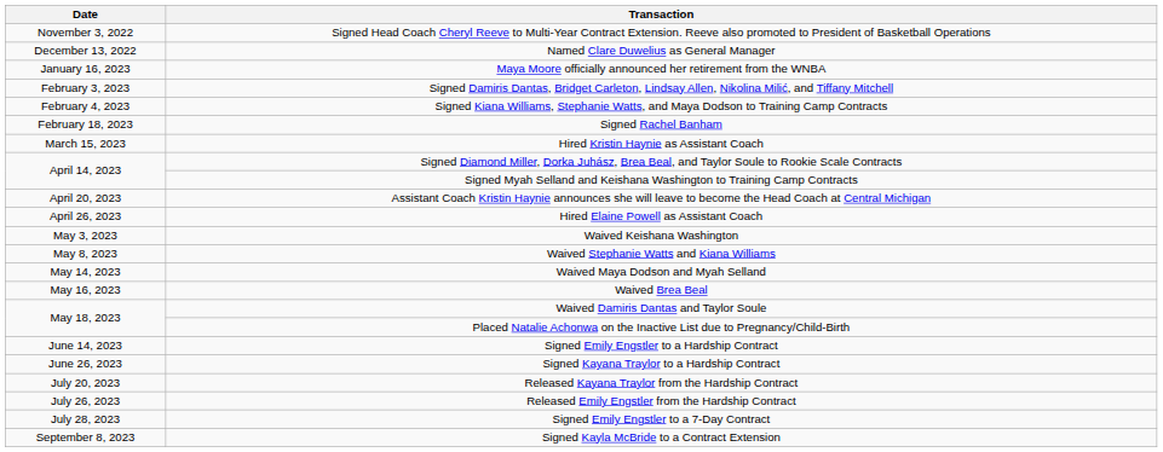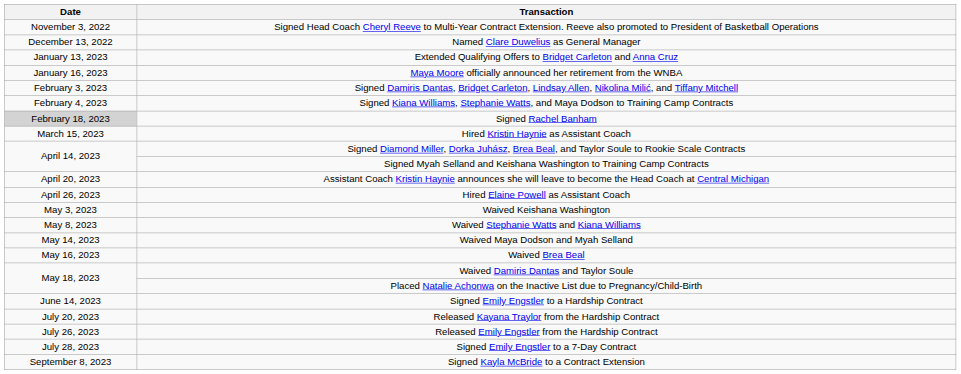 <table class="wikitable" style="width:80%; text-align: center;">
 <tr>
 <th>Date</th>
 <th>Transaction</th>
 </tr>
 <tr>
 <td>November 3, 2022</td>
 <td>Signed Head Coach <a href='#'>Cheryl Reeve</a> to Multi-Year Contract Extension. Reeve also promoted to President of Basketball Operations</td>
 </tr>
 <tr>
 <td>December 13, 2022</td>
 <td>Named <a href='#'>Clare Duwelius</a> as General Manager</td>
 </tr>
 <tr>
+<td>January 13, 2023</td>
+<td>Extended Qualifying Offers to <a href='#'>Bridget Carleton</a> and <a href='#'>Anna Cruz</a></td>
+</tr>
+<tr>
 <td>January 16, 2023</td>
 <td><a href='#'>Maya Moore</a> officially announced her retirement from the WNBA</td>
 </tr>
 <tr>
 <td>February 3, 2023</td>
 <td>Signed <a href='#'>Damiris Dantas</a>, <a href='#'>Bridget Carleton</a>, <a href='#'>Lindsay Allen</a>, <a href='#'>Nikolina Milić</a>, and <a href='#'>Tiffany Mitchell</a></td>
 </tr>
 <tr>
 <td>February 4, 2023</td>
 <td>Signed <a href='#'>Kiana Williams</a>, <a href='#'>Stephanie Watts</a>, and Maya Dodson to Training Camp Contracts</td>
 </tr>
 <tr>
-<td>February 18, 2023</td>
+<td style="background: lightgrey;">February 18, 2023</td>
 <td>Signed <a href='#'>Rachel Banham</a></td>
 </tr>
 <tr>
 <td>March 15, 2023</td>
 <td>Hired <a href='#'>Kristin Haynie</a> as Assistant Coach</td>
 </tr>
 <tr>
 <td rowspan=2>April 14, 2023</td>
 <td>Signed <a href='#'>Diamond Miller</a>, <a href='#'>Dorka Juhász</a>, <a href='#'>Brea Beal</a>, and Taylor Soule to Rookie Scale Contracts</td>
 </tr>
 <tr>
 <td>Signed Myah Selland and Keishana Washington to Training Camp Contracts</td>
 </tr>
 <tr>
 <td>April 20, 2023</td>
 <td>Assistant Coach <a href='#'>Kristin Haynie</a> announces she will leave to become the Head Coach at <a href='#'>Central Michigan</a></td>
 </tr>
 <tr>
 <td>April 26, 2023</td>
 <td>Hired <a href='#'>Elaine Powell</a> as Assistant Coach</td>
 </tr>
 <tr>
 <td>May 3, 2023</td>
 <td>Waived Keishana Washington</td>
 </tr>
 <tr>
 <td>May 8, 2023</td>
 <td>Waived <a href='#'>Stephanie Watts</a> and <a href='#'>Kiana Williams</a></td>
 </tr>
 <tr>
 <td>May 14, 2023</td>
 <td>Waived Maya Dodson and Myah Selland</td>
 </tr>
 <tr>
 <td>May 16, 2023</td>
 <td>Waived <a href='#'>Brea Beal</a></td>
 </tr>
 <tr>
 <td rowspan=2>May 18, 2023</td>
 <td>Waived <a href='#'>Damiris Dantas</a> and Taylor Soule</td>
 </tr>
 <tr>
 <td>Placed <a href='#'>Natalie Achonwa</a> on the Inactive List due to Pregnancy/Child-Birth</td>
 </tr>
 <tr>
 <td>June 14, 2023</td>
 <td>Signed <a href='#'>Emily Engstler</a> to a Hardship Contract</td>
 </tr>
 <tr>
-<td>June 26, 2023</td>
-<td>Signed <a href='#'>Kayana Traylor</a> to a Hardship Contract</td>
-</tr>
-<tr>
 <td>July 20, 2023</td>
 <td>Released <a href='#'>Kayana Traylor</a> from the Hardship Contract</td>
 </tr>
 <tr>
 <td>July 26, 2023</td>
 <td>Released <a href='#'>Emily Engstler</a> from the Hardship Contract</td>
 </tr>
 <tr>
 <td>July 28, 2023</td>
 <td>Signed <a href='#'>Emily Engstler</a> to a 7-Day Contract</td>
 </tr>
 <tr>
 <td>September 8, 2023</td>
 <td>Signed <a href='#'>Kayla McBride</a> to a Contract Extension</td>
 </tr>
 </table>
